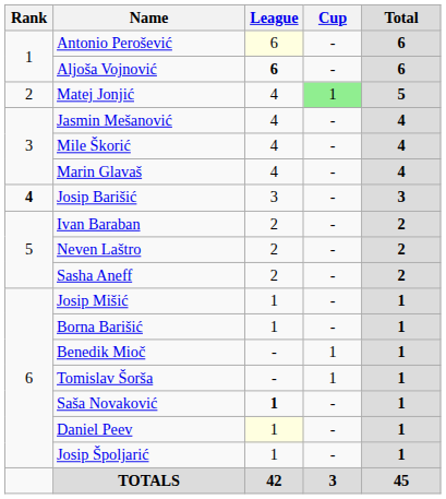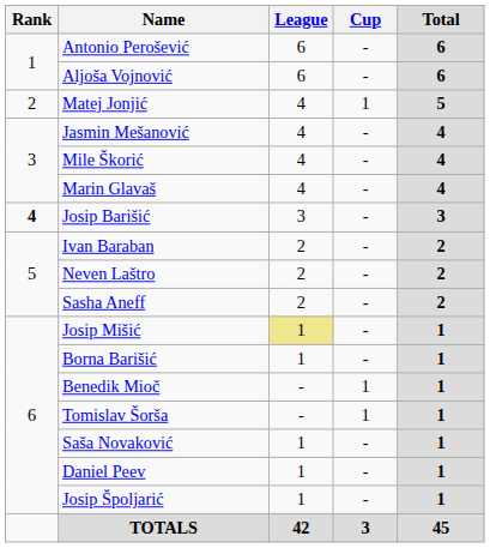 <table class="wikitable" style="font-size: 95%; text-align: center;">
 <tr>
 <th width=40>Rank</th>
 <th width=180>Name</th>
 <th width=50><a href='#'>League</a></th>
 <th width=50><a href='#'>Cup</a></th>
 <th width=70 style="background: #DCDCDC">Total</th>
 </tr>
 <tr>
 <td rowspan=2>1</td>
 <td style="text-align:left;"> <a href='#'>Antonio Perošević</a></td>
-<td style="background: lightyellow;">6</td>
+<td>6</td>
 <td>-</td>
 <th style="background: #DCDCDC">6</th>
 </tr>
 <tr>
 <td style="text-align:left;"> <a href='#'>Aljoša Vojnović</a></td>
-<td><strong>6</strong></td>
+<td>6</td>
 <td>-</td>
 <th style="background: #DCDCDC">6</th>
 </tr>
 <tr>
 <td rowspan=1>2</td>
 <td style="text-align:left;"> <a href='#'>Matej Jonjić</a></td>
 <td>4</td>
-<td style="background: lightgreen;">1</td>
+<td>1</td>
 <th style="background: #DCDCDC">5</th>
 </tr>
 <tr>
 <td rowspan=3>3</td>
 <td style="text-align:left;"> <a href='#'>Jasmin Mešanović</a></td>
 <td>4</td>
 <td>-</td>
 <th style="background: #DCDCDC">4</th>
 </tr>
 <tr>
 <td style="text-align:left;"> <a href='#'>Mile Škorić</a></td>
 <td>4</td>
 <td>-</td>
 <th style="background: #DCDCDC">4</th>
 </tr>
 <tr>
 <td style="text-align:left;"> <a href='#'>Marin Glavaš</a></td>
 <td>4</td>
 <td>-</td>
 <th style="background: #DCDCDC">4</th>
 </tr>
 <tr>
 <td rowspan=1><strong>4</strong></td>
 <td style="text-align:left;"> <a href='#'>Josip Barišić</a></td>
 <td>3</td>
 <td>-</td>
 <th style="background: #DCDCDC">3</th>
 </tr>
 <tr>
 <td rowspan=3>5</td>
 <td style="text-align:left;"> <a href='#'>Ivan Baraban</a></td>
 <td>2</td>
 <td>-</td>
 <th style="background: #DCDCDC">2</th>
 </tr>
 <tr>
 <td style="text-align:left;"> <a href='#'>Neven Laštro</a></td>
 <td>2</td>
 <td>-</td>
 <th style="background: #DCDCDC">2</th>
 </tr>
 <tr>
 <td style="text-align:left;"> <a href='#'>Sasha Aneff</a></td>
 <td>2</td>
 <td>-</td>
 <th style="background: #DCDCDC">2</th>
 </tr>
 <tr>
 <td rowspan=7>6</td>
 <td style="text-align:left;"> <a href='#'>Josip Mišić</a></td>
-<td>1</td>
+<td style="background: khaki;">1</td>
 <td>-</td>
 <th style="background: #DCDCDC">1</th>
 </tr>
 <tr>
 <td style="text-align:left;"> <a href='#'>Borna Barišić</a></td>
 <td>1</td>
 <td>-</td>
 <th style="background: #DCDCDC">1</th>
 </tr>
 <tr>
 <td style="text-align:left;"> <a href='#'>Benedik Mioč</a></td>
 <td>-</td>
 <td>1</td>
 <th style="background: #DCDCDC">1</th>
 </tr>
 <tr>
 <td style="text-align:left;"> <a href='#'>Tomislav Šorša</a></td>
 <td>-</td>
 <td>1</td>
 <th style="background: #DCDCDC">1</th>
 </tr>
 <tr>
 <td style="text-align:left;"> <a href='#'>Saša Novaković</a></td>
-<td><strong>1</strong></td>
+<td>1</td>
 <td>-</td>
 <th style="background: #DCDCDC">1</th>
 </tr>
 <tr>
 <td style="text-align:left;"> <a href='#'>Daniel Peev</a></td>
-<td style="background: lightyellow;">1</td>
+<td>1</td>
 <td>-</td>
 <th style="background: #DCDCDC">1</th>
 </tr>
 <tr>
 <td style="text-align:left;"> <a href='#'>Josip Špoljarić</a></td>
 <td>1</td>
 <td>-</td>
 <th style="background: #DCDCDC">1</th>
 </tr>
 <tr>
 <td></td>
 <th style="background: #DCDCDC">TOTALS</th>
 <th style="background: #DCDCDC">42</th>
 <th style="background: #DCDCDC">3</th>
 <th style="background: #DCDCDC">45</th>
 </tr>
 </table>
